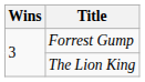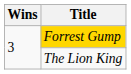 <table class="wikitable">
 <tr>
 <th>Wins</th>
 <th>Title</th>
 </tr>
 <tr>
 <td rowspan="2">3</td>
-<td><em>Forrest Gump</em></td>
+<td style="background: gold;"><em>Forrest Gump</em></td>
 </tr>
 <tr>
 <td><em>The Lion King</em></td>
 </tr>
 </table>
